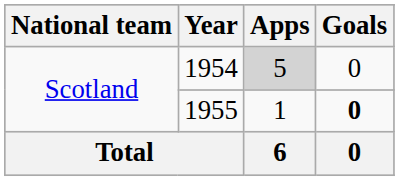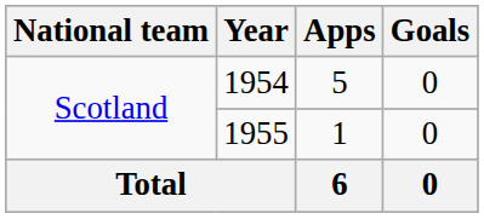 <table class="wikitable" style="text-align:center">
 <tr>
 <th>National team</th>
 <th>Year</th>
 <th>Apps</th>
 <th>Goals</th>
 </tr>
 <tr>
 <td rowspan="2"><a href='#'>Scotland</a></td>
 <td>1954</td>
-<td style="background: lightgrey;">5</td>
+<td>5</td>
 <td>0</td>
 </tr>
 <tr>
 <td>1955</td>
 <td>1</td>
-<td><strong>0</strong></td>
+<td>0</td>
 </tr>
 <tr>
 <th colspan="2">Total</th>
 <th>6</th>
 <th>0</th>
 </tr>
 </table>
